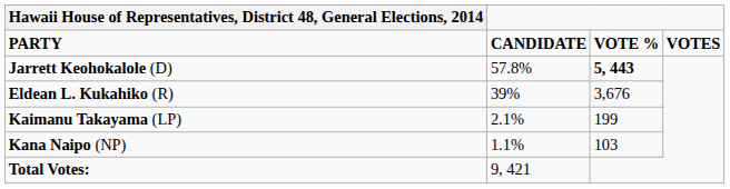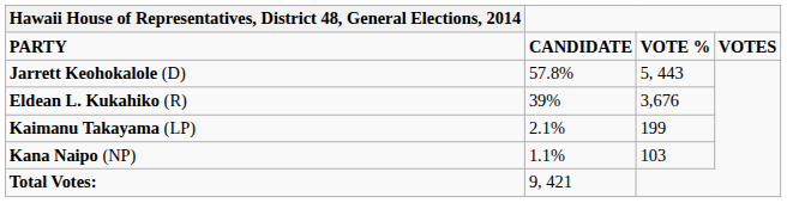 <table class="wikitable">
 <tr>
 <th>Hawaii House of Representatives, District 48, General Elections, 2014</th>
 </tr>
 <tr>
 <td><strong>PARTY</strong></td>
 <td><strong>CANDIDATE</strong></td>
 <td><strong>VOTE %</strong></td>
 <td><strong>VOTES</strong></td>
 </tr>
 <tr>
 <td><strong>Jarrett Keohokalole</strong> (D)</td>
 <td>57.8%</td>
-<td><strong>5, 443</strong></td>
+<td>5, 443</td>
 </tr>
 <tr>
 <td><strong>Eldean L. Kukahiko</strong> (R)</td>
 <td>39%</td>
 <td>3,676</td>
 </tr>
 <tr>
 <td><strong>Kaimanu Takayama</strong> (LP)</td>
 <td>2.1%</td>
 <td>199</td>
 </tr>
 <tr>
 <td><strong>Kana Naipo</strong> (NP)</td>
 <td>1.1%</td>
 <td>103</td>
 </tr>
 <tr>
 <td><strong>Total Votes:</strong></td>
 <td>9, 421</td>
 </tr>
 </table>
